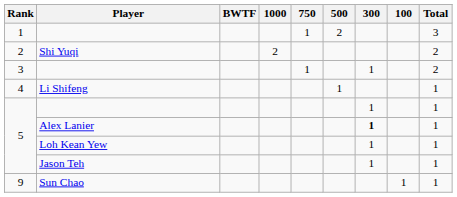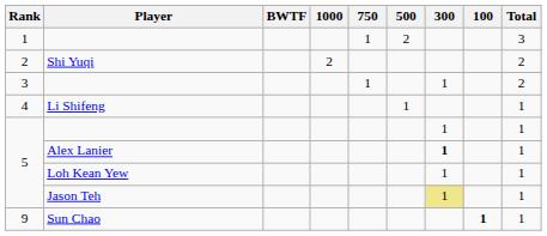 <table class="wikitable" style="font-size:80%; text-align:center">
 <tr>
 <th width="30">Rank</th>
 <th width="200">Player</th>
 <th width="30">BWTF</th>
 <th width="30">1000</th>
 <th width="30">750</th>
 <th width="30">500</th>
 <th width="30">300</th>
 <th width="30">100</th>
 <th width="30">Total</th>
 </tr>
 <tr>
 <td>1</td>
 <td align="left"> </td>
 <td></td>
 <td></td>
 <td>1</td>
 <td>2</td>
 <td></td>
 <td></td>
 <td>3</td>
 </tr>
 <tr>
 <td>2</td>
 <td align="left"> <a href='#'>Shi Yuqi</a></td>
 <td></td>
 <td>2</td>
 <td></td>
 <td></td>
 <td></td>
 <td></td>
 <td>2</td>
 </tr>
 <tr>
 <td>3</td>
 <td align="left"> </td>
 <td></td>
 <td></td>
 <td>1</td>
 <td></td>
 <td>1</td>
 <td></td>
 <td>2</td>
 </tr>
 <tr>
 <td>4</td>
 <td align="left"> <a href='#'>Li Shifeng</a></td>
 <td></td>
 <td></td>
 <td></td>
 <td>1</td>
 <td></td>
 <td></td>
 <td>1</td>
 </tr>
 <tr>
 <td rowspan="4">5</td>
 <td align="left"> </td>
 <td></td>
 <td></td>
 <td></td>
 <td></td>
 <td>1</td>
 <td></td>
 <td>1</td>
 </tr>
 <tr>
 <td align="left"> <a href='#'>Alex Lanier</a></td>
 <td></td>
 <td></td>
 <td></td>
 <td></td>
 <td><strong>1</strong></td>
 <td></td>
 <td>1</td>
 </tr>
 <tr>
 <td align="left"> <a href='#'>Loh Kean Yew</a></td>
 <td></td>
 <td></td>
 <td></td>
 <td></td>
 <td>1</td>
 <td></td>
 <td>1</td>
 </tr>
 <tr>
 <td align="left"> <a href='#'>Jason Teh</a></td>
 <td></td>
 <td></td>
 <td></td>
 <td></td>
-<td>1</td>
+<td style="background: khaki;">1</td>
 <td></td>
 <td>1</td>
 </tr>
 <tr>
 <td>9</td>
 <td align="left"> <a href='#'>Sun Chao</a></td>
 <td></td>
 <td></td>
 <td></td>
 <td></td>
 <td></td>
-<td>1</td>
+<td><strong>1</strong></td>
 <td>1</td>
 </tr>
 </table>
